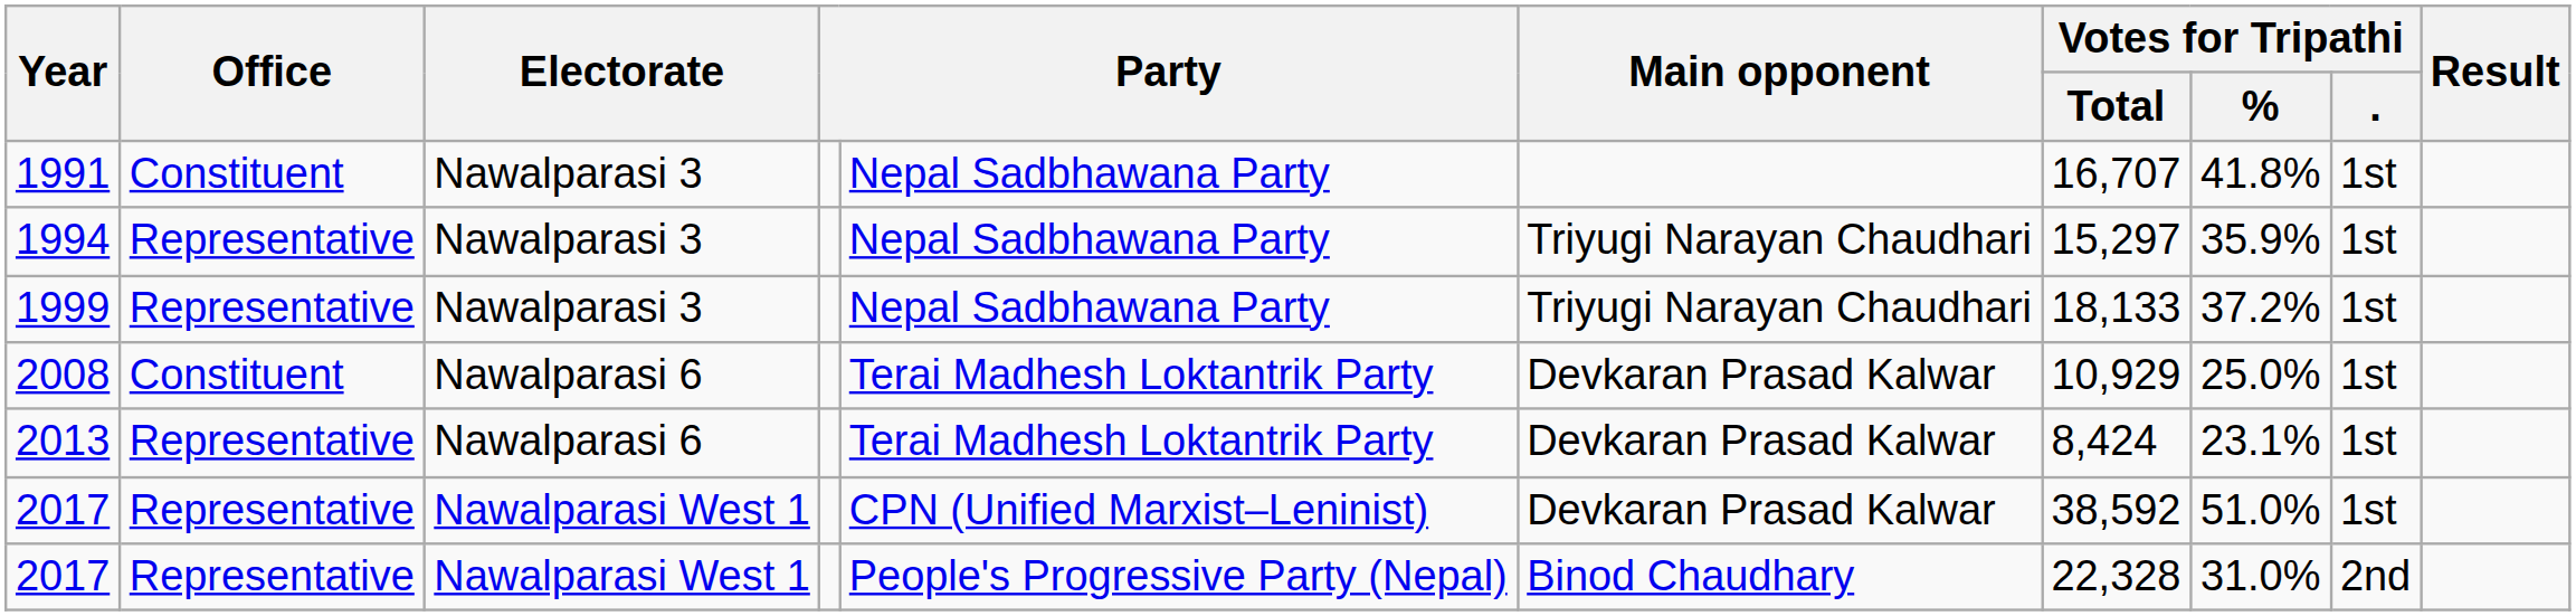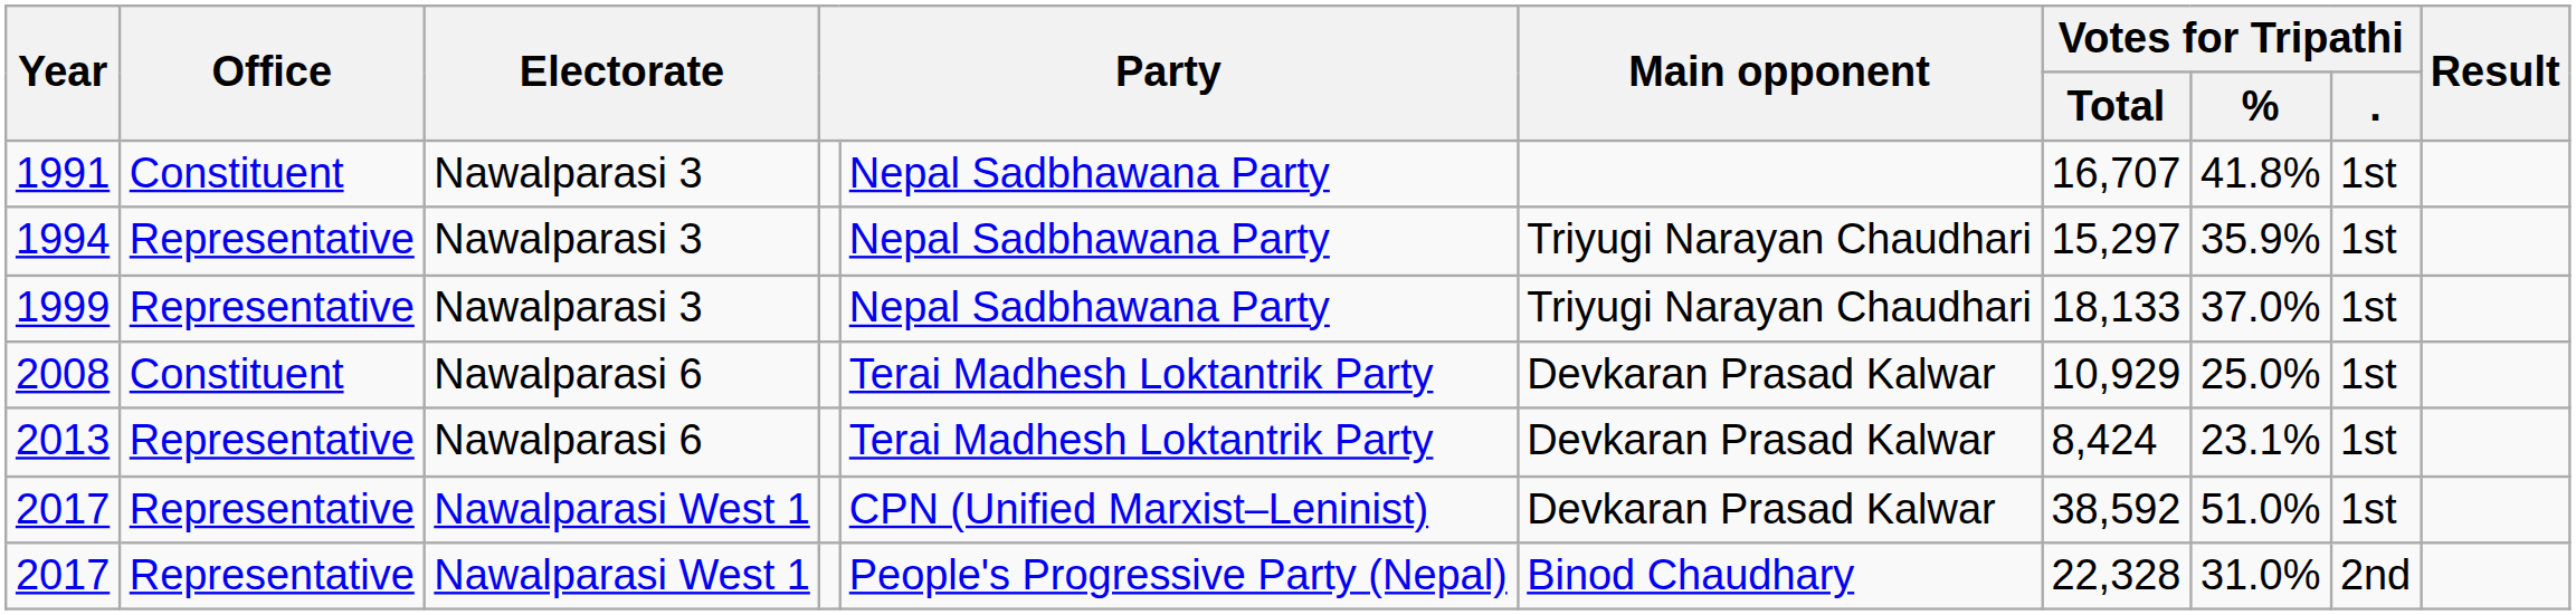 <table class="wikitable">
 <tr>
 <th rowspan="2">Year</th>
 <th rowspan="2">Office</th>
 <th rowspan="2">Electorate</th>
 <th colspan="2" rowspan="2">Party</th>
 <th rowspan="2">Main opponent</th>
 <th colspan="3">Votes for Tripathi</th>
 <th rowspan="2">Result</th>
 </tr>
 <tr>
 <th>Total</th>
 <th>%</th>
 <th>.</th>
 </tr>
 <tr>
 <td><a href='#'>1991</a></td>
 <td><a href='#'>Constituent</a></td>
 <td>Nawalparasi 3</td>
 <td style="background-color:"><br></td>
 <td><a href='#'>Nepal Sadbhawana Party</a></td>
 <td></td>
 <td>16,707</td>
 <td>41.8%</td>
 <td>1st</td>
 <td></td>
 </tr>
 <tr>
 <td><a href='#'>1994</a></td>
 <td><a href='#'>Representative</a></td>
 <td>Nawalparasi 3</td>
 <td style="background-color:"><br></td>
 <td><a href='#'>Nepal Sadbhawana Party</a></td>
 <td>Triyugi Narayan Chaudhari</td>
 <td>15,297</td>
 <td>35.9%</td>
 <td>1st</td>
 <td></td>
 </tr>
 <tr>
 <td><a href='#'>1999</a></td>
 <td><a href='#'>Representative</a></td>
 <td>Nawalparasi 3</td>
 <td style="background-color:"><br></td>
 <td><a href='#'>Nepal Sadbhawana Party</a></td>
 <td>Triyugi Narayan Chaudhari</td>
 <td>18,133</td>
-<td>37.2%</td>
+<td>37.0%</td>
 <td>1st</td>
 <td></td>
 </tr>
 <tr>
 <td><a href='#'>2008</a></td>
 <td><a href='#'>Constituent</a></td>
 <td>Nawalparasi 6</td>
 <td style="background-color:"><br></td>
 <td><a href='#'>Terai Madhesh Loktantrik Party</a></td>
 <td>Devkaran Prasad Kalwar</td>
 <td>10,929</td>
 <td>25.0%</td>
 <td>1st</td>
 <td></td>
 </tr>
 <tr>
 <td><a href='#'>2013</a></td>
 <td><a href='#'>Representative</a></td>
 <td>Nawalparasi 6</td>
 <td style="background-color:"><br></td>
 <td><a href='#'>Terai Madhesh Loktantrik Party</a></td>
 <td>Devkaran Prasad Kalwar</td>
 <td>8,424</td>
 <td>23.1%</td>
 <td>1st</td>
 <td></td>
 </tr>
 <tr>
 <td><a href='#'>2017</a></td>
 <td><a href='#'>Representative</a></td>
 <td><a href='#'>Nawalparasi West 1</a></td>
 <td style="background-color:"><br></td>
 <td><a href='#'>CPN (Unified Marxist–Leninist)</a></td>
 <td>Devkaran Prasad Kalwar</td>
 <td>38,592</td>
 <td>51.0%</td>
 <td>1st</td>
 <td></td>
 </tr>
 <tr>
 <td><a href='#'>2017</a></td>
 <td><a href='#'>Representative</a></td>
 <td><a href='#'>Nawalparasi West 1</a></td>
 <td style="background-color:"><br></td>
 <td><a href='#'>People's Progressive Party (Nepal)</a></td>
 <td><a href='#'>Binod Chaudhary</a></td>
 <td>22,328</td>
 <td>31.0%</td>
 <td>2nd</td>
 <td></td>
 </tr>
 </table>
